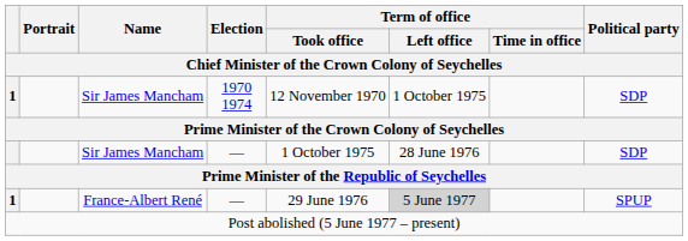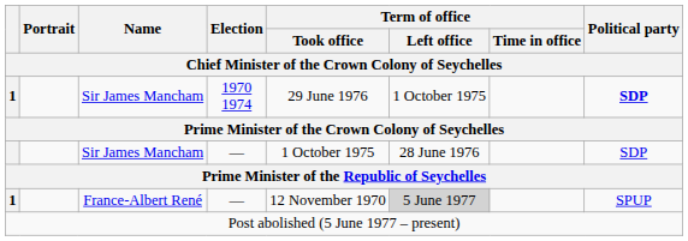 <table class="wikitable" style="text-align:center">
 <tr>
 <th rowspan="2"></th>
 <th rowspan="2">Portrait</th>
 <th rowspan="2">Name<br></th>
 <th rowspan="2">Election</th>
 <th colspan="3">Term of office</th>
 <th rowspan="2">Political party</th>
 </tr>
 <tr>
 <th>Took office</th>
 <th>Left office</th>
 <th>Time in office</th>
 </tr>
 <tr>
 <th colspan="8">Chief Minister of the Crown Colony of Seychelles</th>
 </tr>
 <tr>
 <th style="background:">1</th>
 <td></td>
 <td><a href='#'>Sir James Mancham</a><br></td>
 <td><a href='#'>1970</a><br><a href='#'>1974</a></td>
-<td>12 November 1970</td>
+<td>29 June 1976</td>
 <td>1 October 1975</td>
 <td></td>
-<td><a href='#'>SDP</a></td>
+<td><strong><a href='#'>SDP</a></strong></td>
 </tr>
 <tr>
 <th colspan="8">Prime Minister of the Crown Colony of Seychelles</th>
 </tr>
 <tr>
 <th style="background:"></th>
 <td></td>
 <td><a href='#'>Sir James Mancham</a><br></td>
 <td>—</td>
 <td>1 October 1975</td>
 <td>28 June 1976</td>
 <td></td>
 <td><a href='#'>SDP</a></td>
 </tr>
 <tr>
 <th colspan="8">Prime Minister of the <a href='#'>Republic of Seychelles</a></th>
 </tr>
 <tr>
 <th style="background:">1</th>
 <td></td>
 <td><a href='#'>France-Albert René</a><br></td>
 <td>—</td>
-<td>29 June 1976</td>
+<td>12 November 1970</td>
 <td style="background: lightgrey;">5 June 1977</td>
 <td></td>
 <td><a href='#'>SPUP</a></td>
 </tr>
 <tr>
 <td colspan="8">Post abolished (5 June 1977 – present)</td>
 </tr>
 </table>
